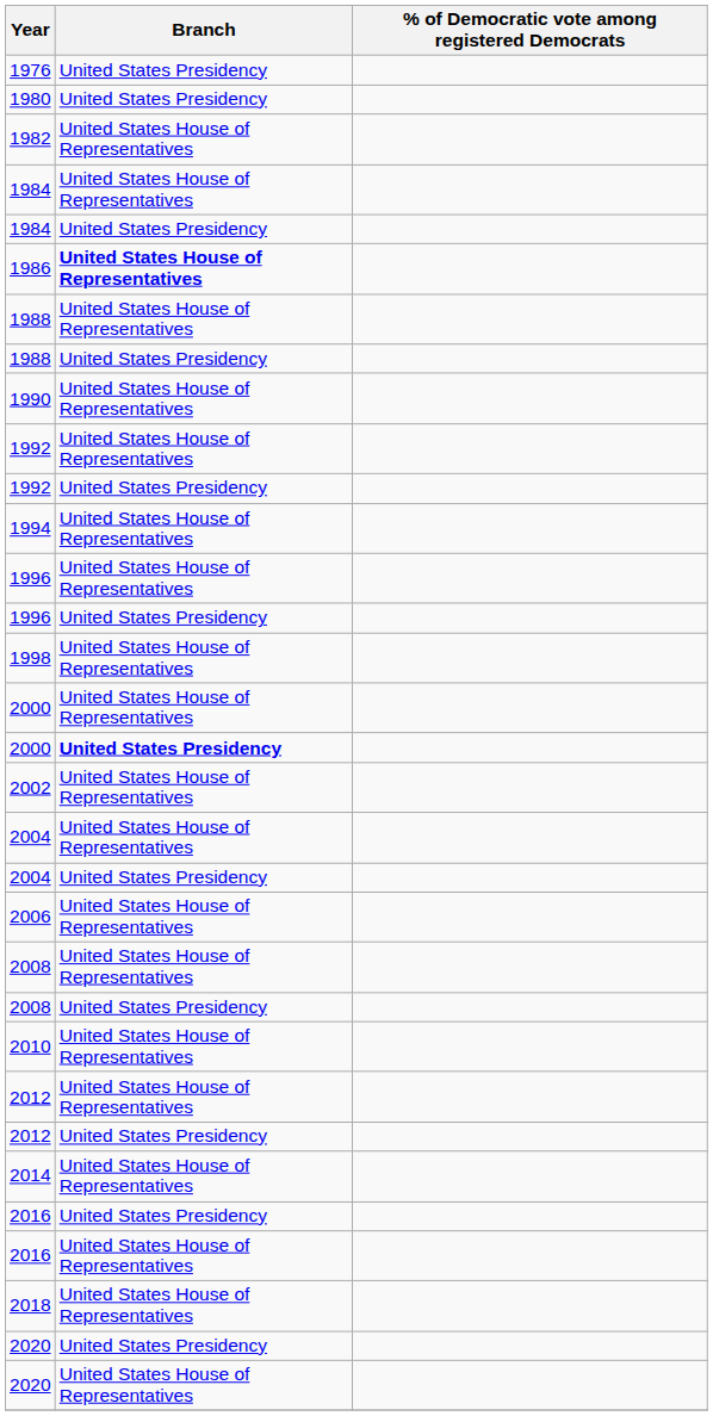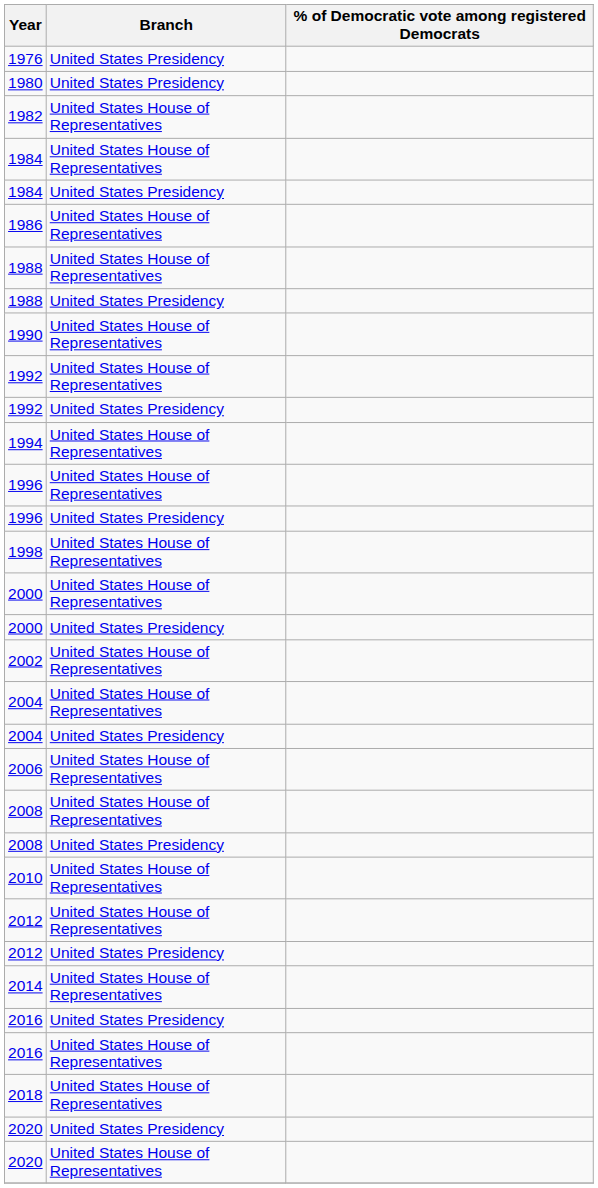 <table class="wikitable sortable collapsible">
 <tr>
 <th>Year</th>
 <th>Branch</th>
 <th colspan="2">% of Democratic vote among registered Democrats</th>
 </tr>
 <tr>
 <td><a href='#'>1976</a></td>
 <td><a href='#'>United States Presidency</a></td>
 <td align=right></td>
 </tr>
 <tr>
 <td><a href='#'>1980</a></td>
 <td><a href='#'>United States Presidency</a></td>
 <td align=right></td>
 </tr>
 <tr>
 <td><a href='#'>1982</a></td>
 <td><a href='#'>United States House of Representatives</a></td>
 <td align=right></td>
 </tr>
 <tr>
 <td><a href='#'>1984</a></td>
 <td><a href='#'>United States House of Representatives</a></td>
 <td align=right></td>
 </tr>
 <tr>
 <td><a href='#'>1984</a></td>
 <td><a href='#'>United States Presidency</a></td>
 <td align=right></td>
 </tr>
 <tr>
 <td><a href='#'>1986</a></td>
-<td><strong><a href='#'>United States House of Representatives</a></strong></td>
+<td><a href='#'>United States House of Representatives</a></td>
 <td align=right></td>
 </tr>
 <tr>
 <td><a href='#'>1988</a></td>
 <td><a href='#'>United States House of Representatives</a></td>
 <td align=right></td>
 </tr>
 <tr>
 <td><a href='#'>1988</a></td>
 <td><a href='#'>United States Presidency</a></td>
 <td align=right></td>
 </tr>
 <tr>
 <td><a href='#'>1990</a></td>
 <td><a href='#'>United States House of Representatives</a></td>
 <td align=right></td>
 </tr>
 <tr>
 <td><a href='#'>1992</a></td>
 <td><a href='#'>United States House of Representatives</a></td>
 <td align=right></td>
 </tr>
 <tr>
 <td><a href='#'>1992</a></td>
 <td><a href='#'>United States Presidency</a></td>
 <td align=right></td>
 </tr>
 <tr>
 <td><a href='#'>1994</a></td>
 <td><a href='#'>United States House of Representatives</a></td>
 <td align=right></td>
 </tr>
 <tr>
 <td><a href='#'>1996</a></td>
 <td><a href='#'>United States House of Representatives</a></td>
 <td align=right></td>
 </tr>
 <tr>
 <td><a href='#'>1996</a></td>
 <td><a href='#'>United States Presidency</a></td>
 <td align=right></td>
 </tr>
 <tr>
 <td><a href='#'>1998</a></td>
 <td><a href='#'>United States House of Representatives</a></td>
 <td align=right></td>
 </tr>
 <tr>
 <td><a href='#'>2000</a></td>
 <td><a href='#'>United States House of Representatives</a></td>
 <td align=right></td>
 </tr>
 <tr>
 <td><a href='#'>2000</a></td>
-<td><strong><a href='#'>United States Presidency</a></strong></td>
+<td><a href='#'>United States Presidency</a></td>
 <td align=right></td>
 </tr>
 <tr>
 <td><a href='#'>2002</a></td>
 <td><a href='#'>United States House of Representatives</a></td>
 <td align=right></td>
 </tr>
 <tr>
 <td><a href='#'>2004</a></td>
 <td><a href='#'>United States House of Representatives</a></td>
 <td align=right></td>
 </tr>
 <tr>
 <td><a href='#'>2004</a></td>
 <td><a href='#'>United States Presidency</a></td>
 <td align=right></td>
 </tr>
 <tr>
 <td><a href='#'>2006</a></td>
 <td><a href='#'>United States House of Representatives</a></td>
 <td align=right></td>
 </tr>
 <tr>
 <td><a href='#'>2008</a></td>
 <td><a href='#'>United States House of Representatives</a></td>
 <td align=right></td>
 </tr>
 <tr>
 <td><a href='#'>2008</a></td>
 <td><a href='#'>United States Presidency</a></td>
 <td align=right></td>
 </tr>
 <tr>
 <td><a href='#'>2010</a></td>
 <td><a href='#'>United States House of Representatives</a></td>
 <td align=right></td>
 </tr>
 <tr>
 <td><a href='#'>2012</a></td>
 <td><a href='#'>United States House of Representatives</a></td>
 <td align=right></td>
 </tr>
 <tr>
 <td><a href='#'>2012</a></td>
 <td><a href='#'>United States Presidency</a></td>
 <td align=right></td>
 </tr>
 <tr>
 <td><a href='#'>2014</a></td>
 <td><a href='#'>United States House of Representatives</a></td>
 <td align=right></td>
 </tr>
 <tr>
 <td><a href='#'>2016</a></td>
 <td><a href='#'>United States Presidency</a></td>
 <td align=right></td>
 </tr>
 <tr>
 <td><a href='#'>2016</a></td>
 <td><a href='#'>United States House of Representatives</a></td>
 <td align=right></td>
 </tr>
 <tr>
 <td><a href='#'>2018</a></td>
 <td><a href='#'>United States House of Representatives</a></td>
 <td align=right></td>
 </tr>
 <tr>
 <td><a href='#'>2020</a></td>
 <td><a href='#'>United States Presidency</a></td>
 <td align=right></td>
 </tr>
 <tr>
 <td><a href='#'>2020</a></td>
 <td><a href='#'>United States House of Representatives</a></td>
 <td align=right></td>
 </tr>
 <tr>
 </tr>
 </table>
